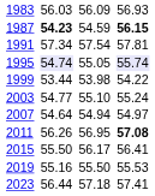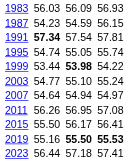 <table>
 <tr valign="top">
 <td><a href='#'>1983</a><br></td>
 <td></td>
 <td>56.03</td>
 <td></td>
 <td>56.09</td>
 <td></td>
 <td>56.93</td>
 </tr>
 <tr valign="top">
 <td><a href='#'>1987</a><br></td>
 <td></td>
-<td><strong>54.23</strong></td>
+<td>54.23</td>
 <td></td>
 <td>54.59</td>
 <td></td>
-<td><strong>56.15</strong></td>
+<td>56.15</td>
 </tr>
 <tr valign="top">
 <td><a href='#'>1991</a><br></td>
 <td></td>
-<td>57.34</td>
+<td><strong>57.34</strong></td>
 <td></td>
 <td>57.54</td>
 <td></td>
 <td>57.81</td>
 </tr>
 <tr valign="top">
 <td><a href='#'>1995</a><br></td>
 <td></td>
-<td style="background: lavender;">54.74</td>
+<td>54.74</td>
 <td></td>
 <td>55.05</td>
 <td></td>
-<td style="background: lavender;">55.74</td>
+<td>55.74</td>
 </tr>
 <tr valign="top">
 <td><a href='#'>1999</a><br></td>
 <td></td>
 <td>53.44</td>
 <td></td>
-<td>53.98</td>
+<td><strong>53.98</strong></td>
 <td></td>
 <td>54.22</td>
 </tr>
 <tr valign="top">
 <td><a href='#'>2003</a><br></td>
 <td></td>
 <td>54.77</td>
 <td></td>
 <td>55.10</td>
 <td></td>
 <td>55.24</td>
 </tr>
 <tr valign="top">
 <td><a href='#'>2007</a><br></td>
 <td></td>
 <td>54.64</td>
 <td></td>
 <td>54.94</td>
 <td></td>
 <td>54.97</td>
 </tr>
 <tr valign="top">
 <td><a href='#'>2011</a><br></td>
 <td></td>
 <td>56.26</td>
 <td></td>
 <td>56.95</td>
 <td></td>
-<td><strong>57.08</strong></td>
+<td>57.08</td>
 </tr>
 <tr valign="top">
 <td><a href='#'>2015</a><br></td>
 <td></td>
 <td>55.50</td>
 <td></td>
 <td>56.17</td>
 <td></td>
 <td>56.41</td>
 </tr>
 <tr valign="top">
 <td><a href='#'>2019</a><br></td>
 <td></td>
 <td>55.16 </td>
 <td></td>
-<td>55.50</td>
+<td><strong>55.50</strong></td>
 <td></td>
-<td>55.53</td>
+<td><strong>55.53</strong></td>
 </tr>
 <tr valign="top">
 <td><a href='#'>2023</a><br></td>
 <td></td>
 <td>56.44</td>
 <td></td>
 <td>57.18</td>
 <td></td>
 <td>57.41</td>
 </tr>
 </table>
